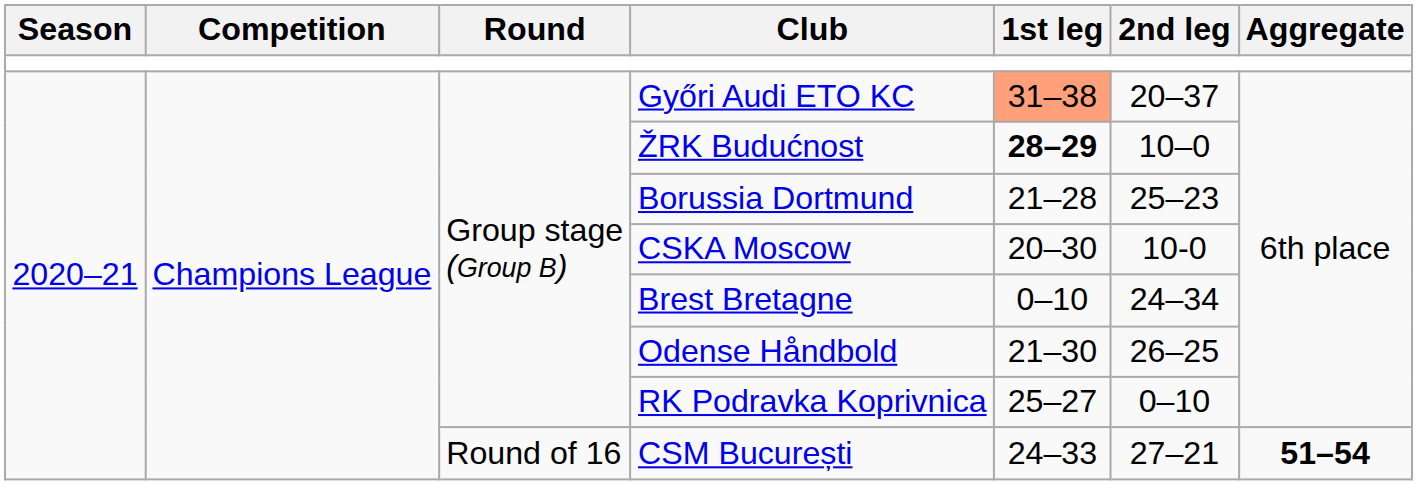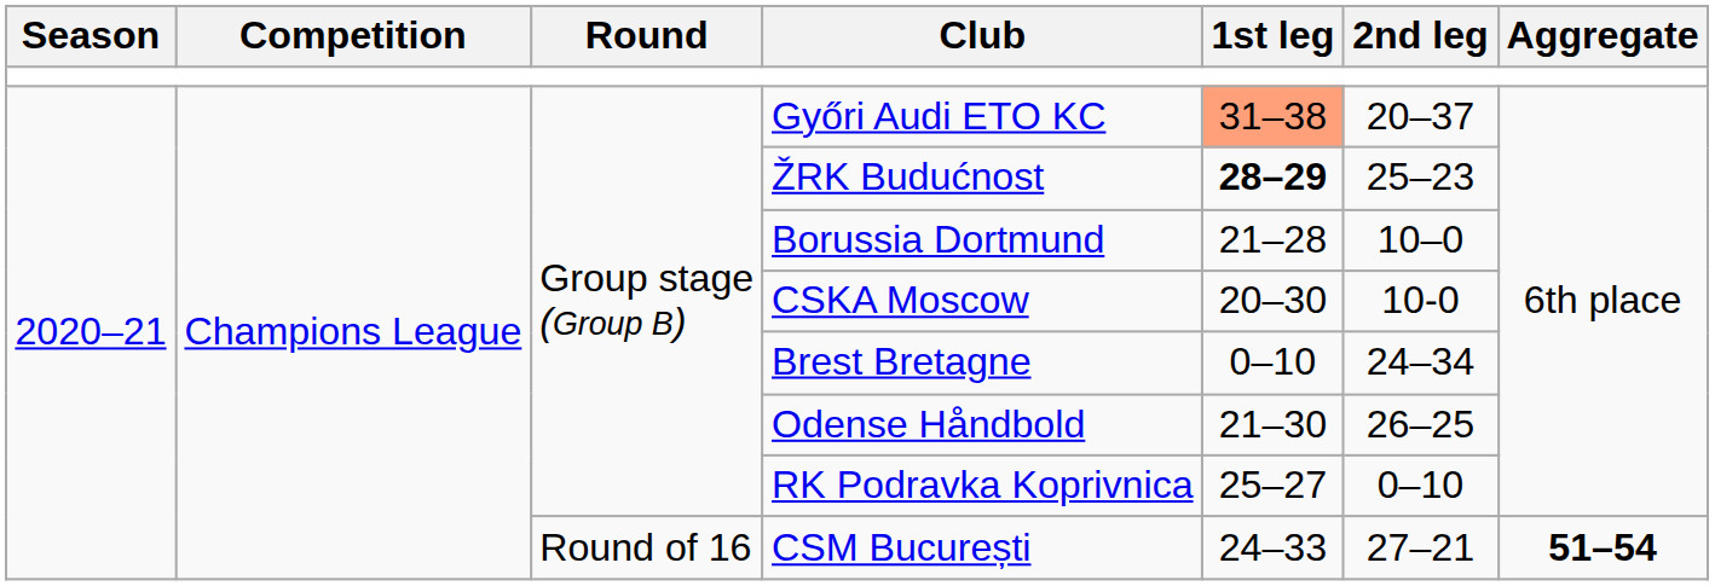 <table class="wikitable">
 <tr>
 <th>Season</th>
 <th>Competition</th>
 <th>Round</th>
 <th>Club</th>
 <th>1st leg</th>
 <th>2nd leg</th>
 <th>Aggregate</th>
 </tr>
 <tr>
 <td colspan=7 style="text-align: center;" bgcolor=white></td>
 </tr>
 <tr>
 <td rowspan=8><a href='#'>2020–21</a></td>
 <td rowspan=8><a href='#'>Champions League</a></td>
 <td rowspan=7>Group stage<br><em>(<small>Group B</small>)</em></td>
 <td> <a href='#'>Győri Audi ETO KC</a></td>
 <td style="background: lightsalmon; text-align:center;">31–38</td>
 <td style="text-align:center;">20–37</td>
 <td align=center rowspan=7>6th place</td>
 </tr>
 <tr>
 <td> <a href='#'>ŽRK Budućnost</a></td>
 <td style="text-align:center;"><strong>28–29</strong></td>
-<td style="text-align:center;">10–0</td>
+<td style="text-align:center;">25–23</td>
 </tr>
 <tr>
 <td> <a href='#'>Borussia Dortmund</a></td>
 <td style="text-align:center;">21–28</td>
-<td style="text-align:center;">25–23</td>
+<td style="text-align:center;">10–0</td>
 </tr>
 <tr>
 <td> <a href='#'>CSKA Moscow</a></td>
 <td style="text-align:center;">20–30</td>
 <td style="text-align:center;">10-0</td>
 </tr>
 <tr>
 <td> <a href='#'>Brest Bretagne</a></td>
 <td style="text-align:center;">0–10</td>
 <td style="text-align:center;">24–34</td>
 </tr>
 <tr>
 <td> <a href='#'>Odense Håndbold</a></td>
 <td style="text-align:center;">21–30</td>
 <td style="text-align:center;">26–25</td>
 </tr>
 <tr>
 <td> <a href='#'>RK Podravka Koprivnica</a></td>
 <td style="text-align:center;">25–27</td>
 <td style="text-align:center;">0–10</td>
 </tr>
 <tr>
 <td>Round of 16</td>
 <td> <a href='#'>CSM București</a></td>
 <td style="text-align:center;">24–33</td>
 <td style="text-align:center;">27–21</td>
 <td style="text-align:center;"><strong>51–54</strong></td>
 </tr>
 </table>
